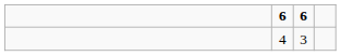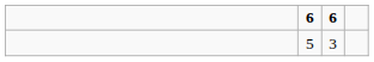 <table class="wikitable">
 <tr>
 <td style="width:18em"><strong></strong></td>
 <td align=center style="width:1em"><strong>6</strong></td>
 <td align=center style="width:1em"><strong>6</strong></td>
 <td align=center style="width:1em"></td>
 </tr>
 <tr>
 <td style="width:18em"></td>
-<td align=center style="width:1em">4</td>
+<td align=center style="width:1em">5</td>
 <td align=center style="width:1em">3</td>
 <td align=center style="width:1em"></td>
 </tr>
 </table>
